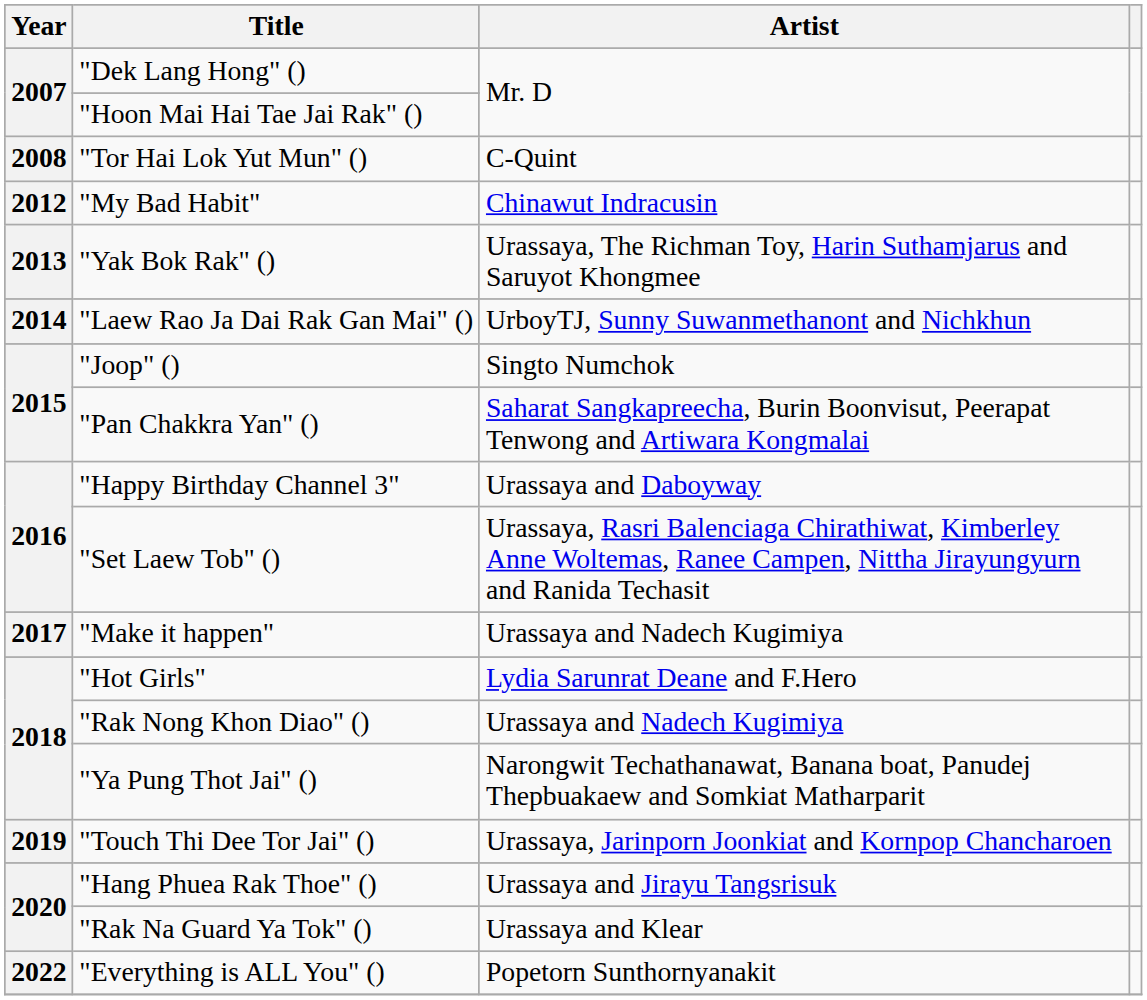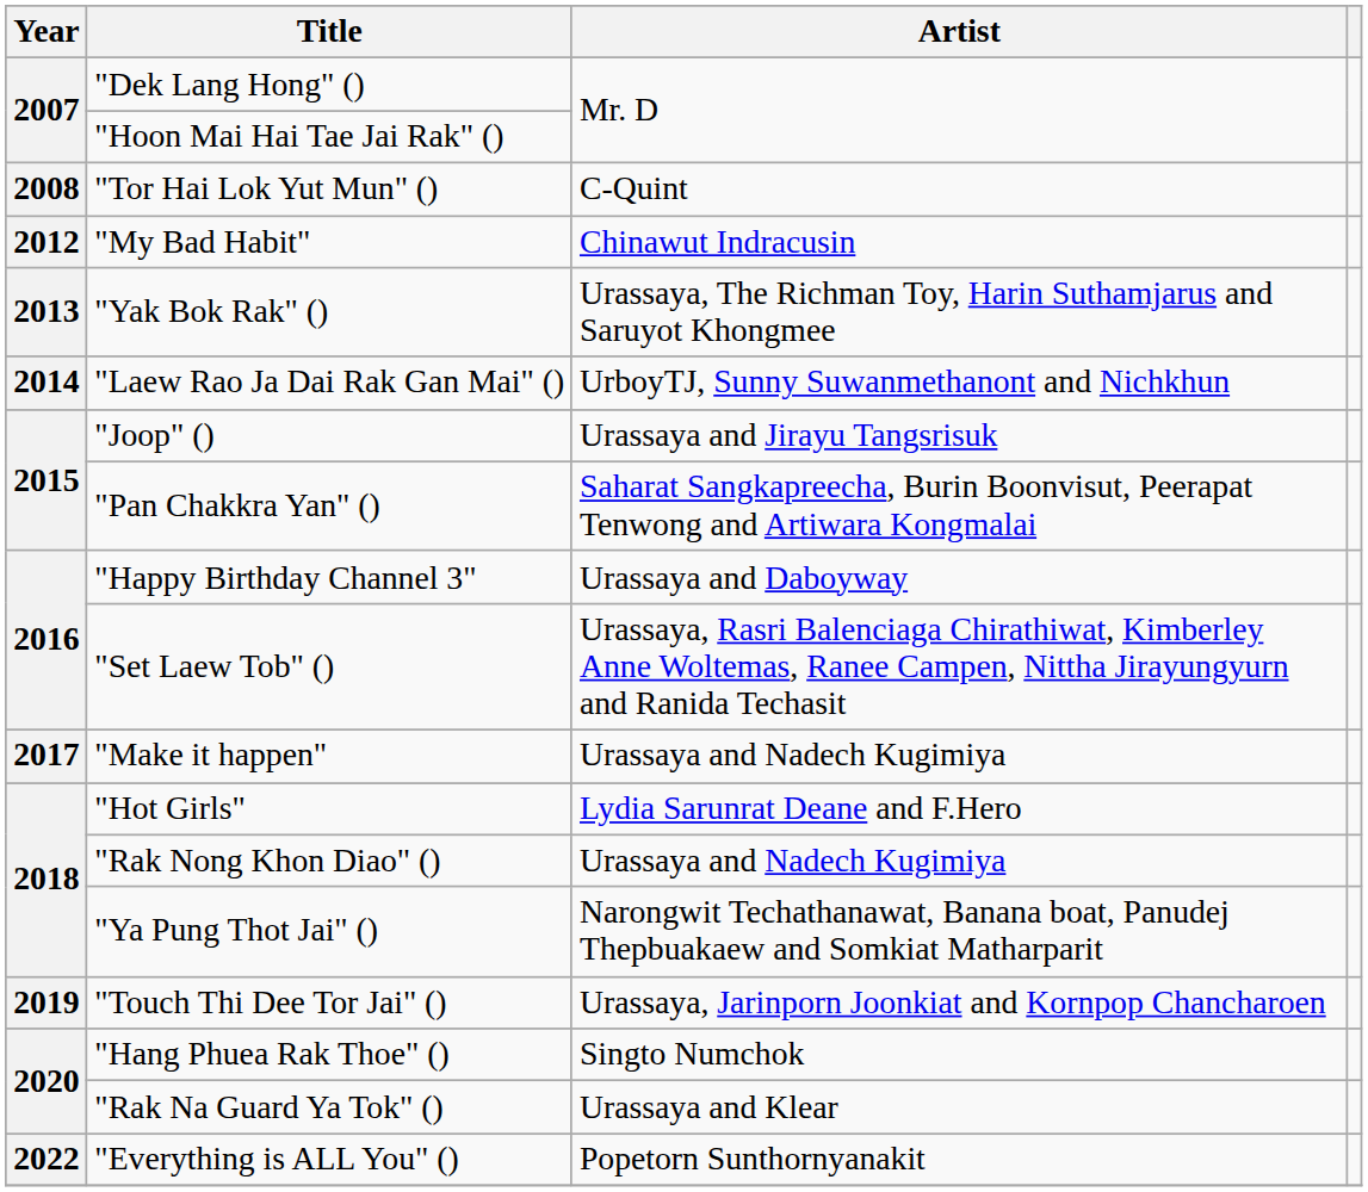 <table class="wikitable plainrowheaders">
 <tr>
 <th scope="col">Year</th>
 <th scope="col">Title</th>
 <th scope="col" style="width:23em;">Artist</th>
 <th scope="col"></th>
 </tr>
 <tr>
 <th rowspan=2 scope="row">2007</th>
 <td>"Dek Lang Hong" ()</td>
 <td rowspan=2>Mr. D</td>
 <td rowspan=2 style="text-align:center;"></td>
 </tr>
 <tr>
 <td>"Hoon Mai Hai Tae Jai Rak" ()</td>
 </tr>
 <tr>
 <th scope="row">2008</th>
 <td>"Tor Hai Lok Yut Mun" ()</td>
 <td>C-Quint</td>
 <td style="text-align:center;"></td>
 </tr>
 <tr>
 <th scope="row">2012</th>
 <td>"My Bad Habit"</td>
 <td><a href='#'>Chinawut Indracusin</a></td>
 <td style="text-align:center;"></td>
 </tr>
 <tr>
 <th scope="row">2013</th>
 <td>"Yak Bok Rak" ()</td>
 <td>Urassaya, The Richman Toy, <a href='#'>Harin Suthamjarus</a> and Saruyot Khongmee</td>
 <td style="text-align:center;"></td>
 </tr>
 <tr>
 <th scope="row">2014</th>
 <td>"Laew Rao Ja Dai Rak Gan Mai" ()</td>
 <td>UrboyTJ, <a href='#'>Sunny Suwanmethanont</a> and <a href='#'>Nichkhun</a></td>
 <td style="text-align:center;"></td>
 </tr>
 <tr>
 <th rowspan=2 scope="row">2015</th>
 <td>"Joop" ()</td>
-<td>Singto Numchok</td>
+<td>Urassaya and <a href='#'>Jirayu Tangsrisuk</a></td>
 <td style="text-align:center;"></td>
 </tr>
 <tr>
 <td>"Pan Chakkra Yan" ()</td>
 <td><a href='#'>Saharat Sangkapreecha</a>, Burin Boonvisut, Peerapat Tenwong and <a href='#'>Artiwara Kongmalai</a></td>
 <td style="text-align:center;"></td>
 </tr>
 <tr>
 <th rowspan=2 scope="row">2016</th>
 <td>"Happy Birthday Channel 3"</td>
 <td>Urassaya and <a href='#'>Daboyway</a></td>
 <td style="text-align:center;"></td>
 </tr>
 <tr>
 <td>"Set Laew Tob" ()</td>
 <td>Urassaya, <a href='#'>Rasri Balenciaga Chirathiwat</a>, <a href='#'>Kimberley Anne Woltemas</a>, <a href='#'>Ranee Campen</a>, <a href='#'>Nittha Jirayungyurn</a> and Ranida Techasit</td>
 <td style="text-align:center;"></td>
 </tr>
 <tr>
 <th scope="row">2017</th>
 <td>"Make it happen"</td>
 <td>Urassaya and Nadech Kugimiya</td>
 <td style="text-align:center;"></td>
 </tr>
 <tr>
 <th rowspan=3 scope="row">2018</th>
 <td>"Hot Girls"</td>
 <td><a href='#'>Lydia Sarunrat Deane</a> and F.Hero</td>
 <td style="text-align:center;"></td>
 </tr>
 <tr>
 <td>"Rak Nong Khon Diao" ()</td>
 <td>Urassaya and <a href='#'>Nadech Kugimiya</a></td>
 <td style="text-align:center;"></td>
 </tr>
 <tr>
 <td>"Ya Pung Thot Jai" ()</td>
 <td>Narongwit Techathanawat, Banana boat, Panudej Thepbuakaew and Somkiat Matharparit</td>
 <td style="text-align:center;"></td>
 </tr>
 <tr>
 <th scope="row">2019</th>
 <td>"Touch Thi Dee Tor Jai" ()</td>
 <td>Urassaya, <a href='#'>Jarinporn Joonkiat</a> and <a href='#'>Kornpop Chancharoen</a></td>
 <td style="text-align:center;"></td>
 </tr>
 <tr>
 <th rowspan=2 scope="row">2020</th>
 <td>"Hang Phuea Rak Thoe" ()</td>
-<td>Urassaya and <a href='#'>Jirayu Tangsrisuk</a></td>
+<td>Singto Numchok</td>
 <td style="text-align:center;"></td>
 </tr>
 <tr>
 <td>"Rak Na Guard Ya Tok" ()</td>
 <td>Urassaya and Klear</td>
 <td style="text-align:center;"></td>
 </tr>
 <tr>
 <th scope="row">2022</th>
 <td>"Everything is ALL You" ()</td>
 <td>Popetorn Sunthornyanakit</td>
 <td style="text-align:center;"></td>
 </tr>
 <tr>
 </tr>
 </table>
